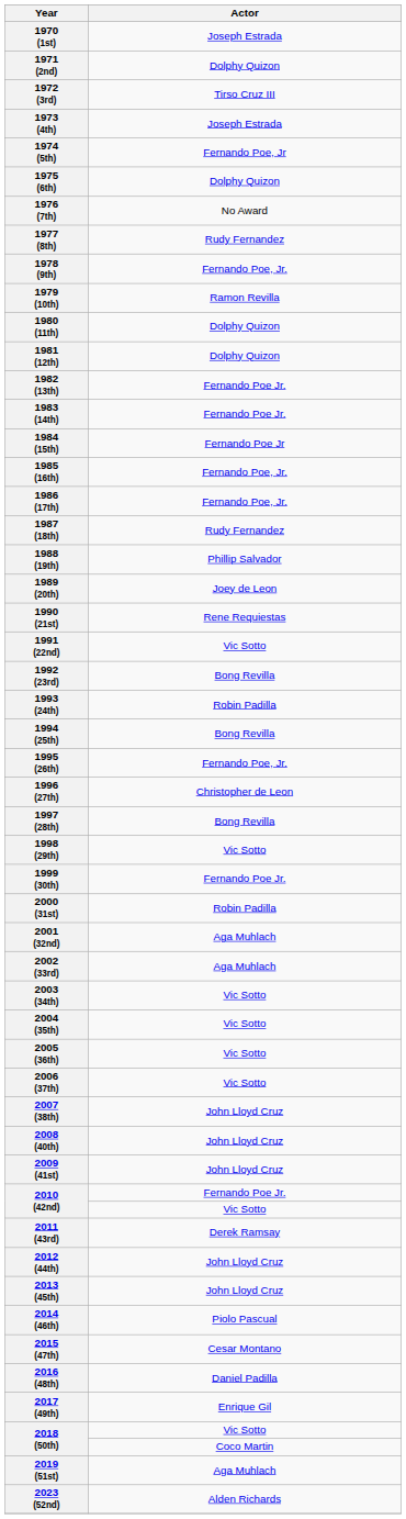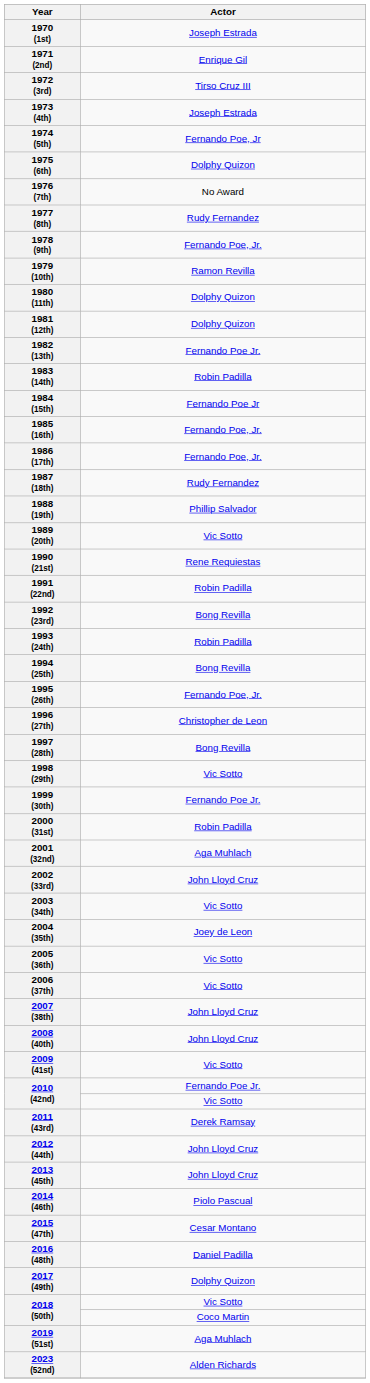 <table class="wikitable" rowspan=2 style="text-align: center;">
 <tr style="background:#bebebe;">
 <th scope="col" style="width:8%;">Year</th>
 <th scope="col" style="width:30%;">Actor</th>
 </tr>
 <tr>
 <th scope="row" style="text-align:center">1970 <br><small>(1st)</small></th>
 <td><a href='#'>Joseph Estrada</a></td>
 </tr>
 <tr>
 <th scope="row" style="text-align:center">1971 <br><small>(2nd)</small></th>
-<td><a href='#'>Dolphy Quizon</a></td>
+<td><a href='#'>Enrique Gil</a></td>
 </tr>
 <tr>
 <th scope="row" style="text-align:center">1972 <br><small>(3rd)</small></th>
 <td><a href='#'>Tirso Cruz III</a></td>
 </tr>
 <tr>
 <th scope="row" style="text-align:center">1973 <br><small>(4th)</small></th>
 <td><a href='#'>Joseph Estrada</a></td>
 </tr>
 <tr>
 <th scope="row" style="text-align:center">1974 <br><small>(5th)</small></th>
 <td><a href='#'>Fernando Poe, Jr</a></td>
 </tr>
 <tr>
 <th scope="row" style="text-align:center">1975 <br><small>(6th)</small></th>
 <td><a href='#'>Dolphy Quizon</a></td>
 </tr>
 <tr>
 <th scope="row" style="text-align:center">1976 <br><small>(7th)</small></th>
 <td>No Award</td>
 </tr>
 <tr>
 <th scope="row" style="text-align:center">1977 <br><small>(8th)</small></th>
 <td><a href='#'>Rudy Fernandez</a></td>
 </tr>
 <tr>
 <th scope="row" style="text-align:center">1978 <br><small>(9th)</small></th>
 <td><a href='#'>Fernando Poe, Jr.</a></td>
 </tr>
 <tr>
 <th scope="row" style="text-align:center">1979 <br><small>(10th)</small></th>
 <td><a href='#'>Ramon Revilla</a></td>
 </tr>
 <tr>
 <th scope="row" style="text-align:center">1980 <br><small>(11th)</small></th>
 <td><a href='#'>Dolphy Quizon</a></td>
 </tr>
 <tr>
 <th scope="row" style="text-align:center">1981 <br><small>(12th)</small></th>
 <td><a href='#'>Dolphy Quizon</a></td>
 </tr>
 <tr>
 <th scope="row" style="text-align:center">1982 <br><small>(13th)</small></th>
 <td><a href='#'>Fernando Poe Jr.</a></td>
 </tr>
 <tr>
 <th scope="row" style="text-align:center">1983 <br><small>(14th)</small></th>
-<td><a href='#'>Fernando Poe Jr.</a></td>
+<td><a href='#'>Robin Padilla</a></td>
 </tr>
 <tr>
 <th scope="row" style="text-align:center">1984 <br><small>(15th)</small></th>
 <td><a href='#'>Fernando Poe Jr</a></td>
 </tr>
 <tr>
 <th scope="row" style="text-align:center">1985 <br><small>(16th)</small></th>
 <td><a href='#'>Fernando Poe, Jr.</a></td>
 </tr>
 <tr>
 <th scope="row" style="text-align:center">1986 <br><small>(17th)</small></th>
 <td><a href='#'>Fernando Poe, Jr.</a></td>
 </tr>
 <tr>
 <th scope="row" style="text-align:center">1987 <br><small>(18th)</small></th>
 <td><a href='#'>Rudy Fernandez</a></td>
 </tr>
 <tr>
 <th scope="row" style="text-align:center">1988 <br><small>(19th)</small></th>
 <td><a href='#'>Phillip Salvador</a></td>
 </tr>
 <tr>
 <th scope="row" style="text-align:center">1989 <br><small>(20th)</small></th>
-<td><a href='#'>Joey de Leon</a></td>
+<td><a href='#'>Vic Sotto</a></td>
 </tr>
 <tr>
 <th scope="row" style="text-align:center">1990 <br><small>(21st)</small></th>
 <td><a href='#'>Rene Requiestas</a></td>
 </tr>
 <tr>
 <th scope="row" style="text-align:center">1991 <br><small>(22nd)</small></th>
-<td><a href='#'>Vic Sotto</a></td>
+<td><a href='#'>Robin Padilla</a></td>
 </tr>
 <tr>
 <th scope="row" style="text-align:center">1992 <br><small>(23rd)</small></th>
 <td><a href='#'>Bong Revilla</a></td>
 </tr>
 <tr>
 <th scope="row" style="text-align:center">1993 <br><small>(24th)</small></th>
 <td><a href='#'>Robin Padilla</a></td>
 </tr>
 <tr>
 <th scope="row" style="text-align:center">1994 <br><small>(25th)</small></th>
 <td><a href='#'>Bong Revilla</a></td>
 </tr>
 <tr>
 <th scope="row" style="text-align:center">1995 <br><small>(26th)</small></th>
 <td><a href='#'>Fernando Poe, Jr.</a></td>
 </tr>
 <tr>
 <th scope="row" style="text-align:center">1996 <br><small>(27th)</small></th>
 <td><a href='#'>Christopher de Leon</a></td>
 </tr>
 <tr>
 <th scope="row" style="text-align:center">1997 <br><small>(28th)</small></th>
 <td><a href='#'>Bong Revilla</a></td>
 </tr>
 <tr>
 <th scope="row" style="text-align:center">1998 <br><small>(29th)</small></th>
 <td><a href='#'>Vic Sotto</a></td>
 </tr>
 <tr>
 <th scope="row" style="text-align:center">1999 <br><small>(30th)</small></th>
 <td><a href='#'>Fernando Poe Jr.</a></td>
 </tr>
 <tr>
 <th scope="row" style="text-align:center">2000 <br><small>(31st)</small></th>
 <td><a href='#'>Robin Padilla</a></td>
 </tr>
 <tr>
 <th scope="row" style="text-align:center">2001 <br><small>(32nd)</small></th>
 <td><a href='#'>Aga Muhlach</a></td>
 </tr>
 <tr>
 <th scope="row" style="text-align:center">2002 <br><small>(33rd)</small></th>
-<td><a href='#'>Aga Muhlach</a></td>
+<td><a href='#'>John Lloyd Cruz</a></td>
 </tr>
 <tr>
 <th scope="row" style="text-align:center">2003 <br><small>(34th)</small></th>
 <td><a href='#'>Vic Sotto</a></td>
 </tr>
 <tr>
 <th scope="row" style="text-align:center">2004 <br><small>(35th)</small></th>
-<td><a href='#'>Vic Sotto</a></td>
+<td><a href='#'>Joey de Leon</a></td>
 </tr>
 <tr>
 <th scope="row" style="text-align:center">2005 <br><small>(36th)</small></th>
 <td><a href='#'>Vic Sotto</a></td>
 </tr>
 <tr>
 <th scope="row" style="text-align:center">2006 <br><small>(37th)</small></th>
 <td><a href='#'>Vic Sotto</a></td>
 </tr>
 <tr>
 <th scope="row" style="text-align:center"><a href='#'>2007</a> <br><small>(38th)</small></th>
 <td><a href='#'>John Lloyd Cruz</a></td>
 </tr>
 <tr>
 <th scope="row" style="text-align:center"><a href='#'>2008</a> <br><small>(40th)</small></th>
 <td><a href='#'>John Lloyd Cruz</a></td>
 </tr>
 <tr>
 <th scope="row" style="text-align:center"><a href='#'>2009</a> <br><small>(41st)</small></th>
-<td><a href='#'>John Lloyd Cruz</a></td>
+<td><a href='#'>Vic Sotto</a></td>
 </tr>
 <tr>
 <th scope="row" style="text-align:center" rowspan=2><a href='#'>2010</a> <br><small>(42nd)</small></th>
 <td><a href='#'>Fernando Poe Jr.</a></td>
 </tr>
 <tr>
 <td><a href='#'>Vic Sotto</a></td>
 </tr>
 <tr>
 <th scope="row" style="text-align:center"><a href='#'>2011</a> <br><small>(43rd)</small></th>
 <td><a href='#'>Derek Ramsay</a></td>
 </tr>
 <tr>
 <th scope="row" style="text-align:center"><a href='#'>2012</a> <br><small>(44th)</small></th>
 <td><a href='#'>John Lloyd Cruz</a></td>
 </tr>
 <tr>
 <th scope="row" style="text-align:center"><a href='#'>2013</a> <br><small>(45th)</small></th>
 <td><a href='#'>John Lloyd Cruz</a></td>
 </tr>
 <tr>
 <th scope="row" style="text-align:center"><a href='#'>2014</a><br><small>(46th)</small></th>
 <td><a href='#'>Piolo Pascual</a></td>
 </tr>
 <tr>
 <th scope="row" style="text-align:center"><a href='#'>2015</a><br><small>(47th)</small></th>
 <td><a href='#'>Cesar Montano</a></td>
 </tr>
 <tr>
 <th scope="row" style="text-align:center"><a href='#'>2016</a><br><small>(48th)</small></th>
 <td><a href='#'>Daniel Padilla</a></td>
 </tr>
 <tr>
 <th scope="row" style="text-align:center"><a href='#'>2017</a><br><small>(49th)</small></th>
-<td><a href='#'>Enrique Gil</a></td>
+<td><a href='#'>Dolphy Quizon</a></td>
 </tr>
 <tr>
 <th scope="row" style="text-align:center" rowspan=2><a href='#'>2018</a> <br><small>(50th)</small></th>
 <td><a href='#'>Vic Sotto</a></td>
 </tr>
 <tr>
 <td><a href='#'>Coco Martin</a></td>
 </tr>
 <tr>
 <th scope="row" style="text-align:center"><a href='#'>2019</a><br><small>(51st)</small></th>
 <td><a href='#'>Aga Muhlach</a></td>
 </tr>
 <tr>
 <th scope="row" style="text-align:center"><a href='#'>2023</a><br><small>(52nd)</small></th>
 <td><a href='#'>Alden Richards</a></td>
 </tr>
 <tr>
 </tr>
 </table>
